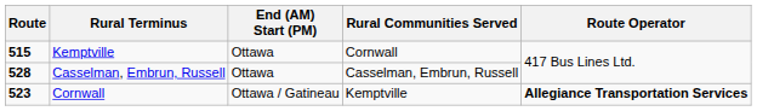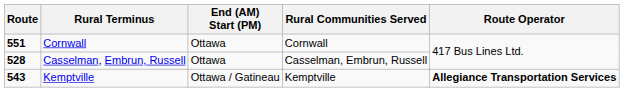 <table class="wikitable">
 <tr>
 <th>Route</th>
 <th>Rural Terminus</th>
 <th>End (AM)<br>Start (PM)</th>
 <th>Rural Communities Served</th>
 <th>Route Operator</th>
 </tr>
 <tr>
-<td><strong>515</strong></td>
-<td><a href='#'>Kemptville</a></td>
+<td><strong>551</strong></td>
+<td><a href='#'>Cornwall</a></td>
 <td>Ottawa</td>
 <td>Cornwall</td>
 <td rowspan="2">417 Bus Lines Ltd.</td>
 </tr>
 <tr>
 <td><strong>528</strong></td>
 <td><a href='#'>Casselman</a>, <a href='#'>Embrun, Russell</a></td>
 <td>Ottawa</td>
 <td>Casselman, Embrun, Russell</td>
 </tr>
 <tr>
-<td><strong>523</strong></td>
-<td><a href='#'>Cornwall</a></td>
+<td><strong>543</strong></td>
+<td><a href='#'>Kemptville</a></td>
 <td>Ottawa / Gatineau</td>
 <td>Kemptville</td>
 <td><strong>Allegiance Transportation Services</strong></td>
 </tr>
 </table>
